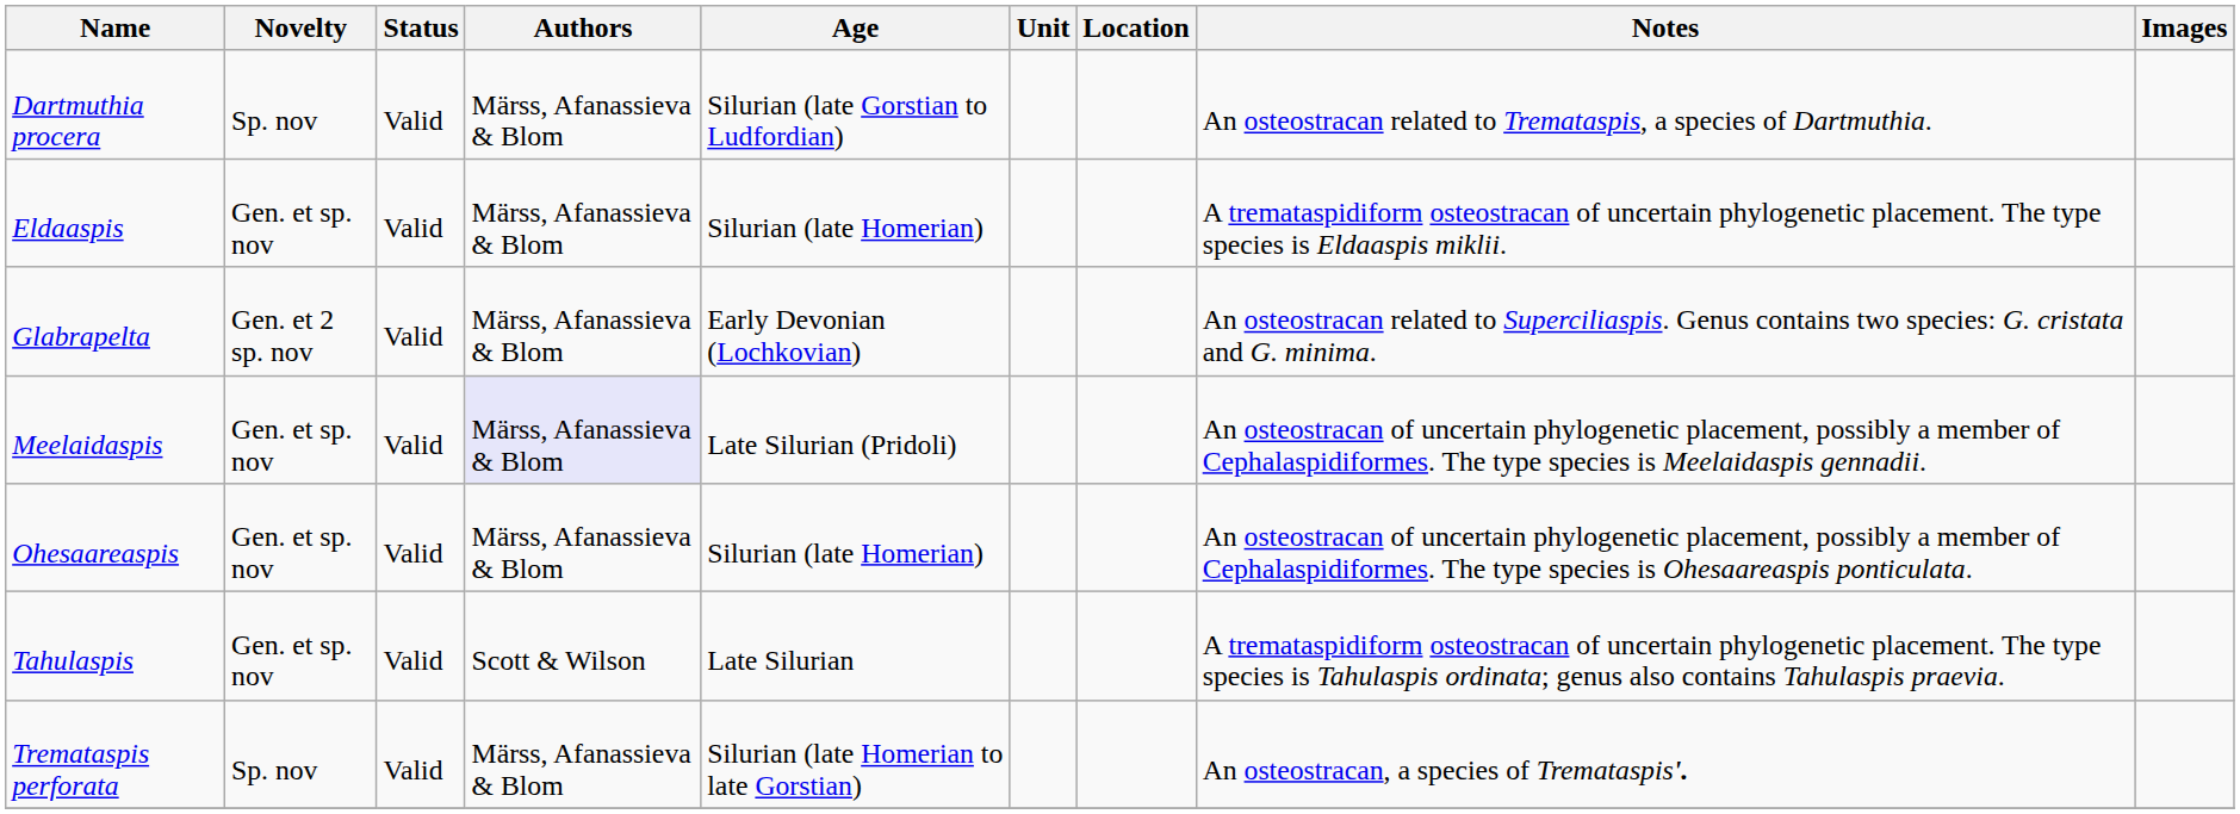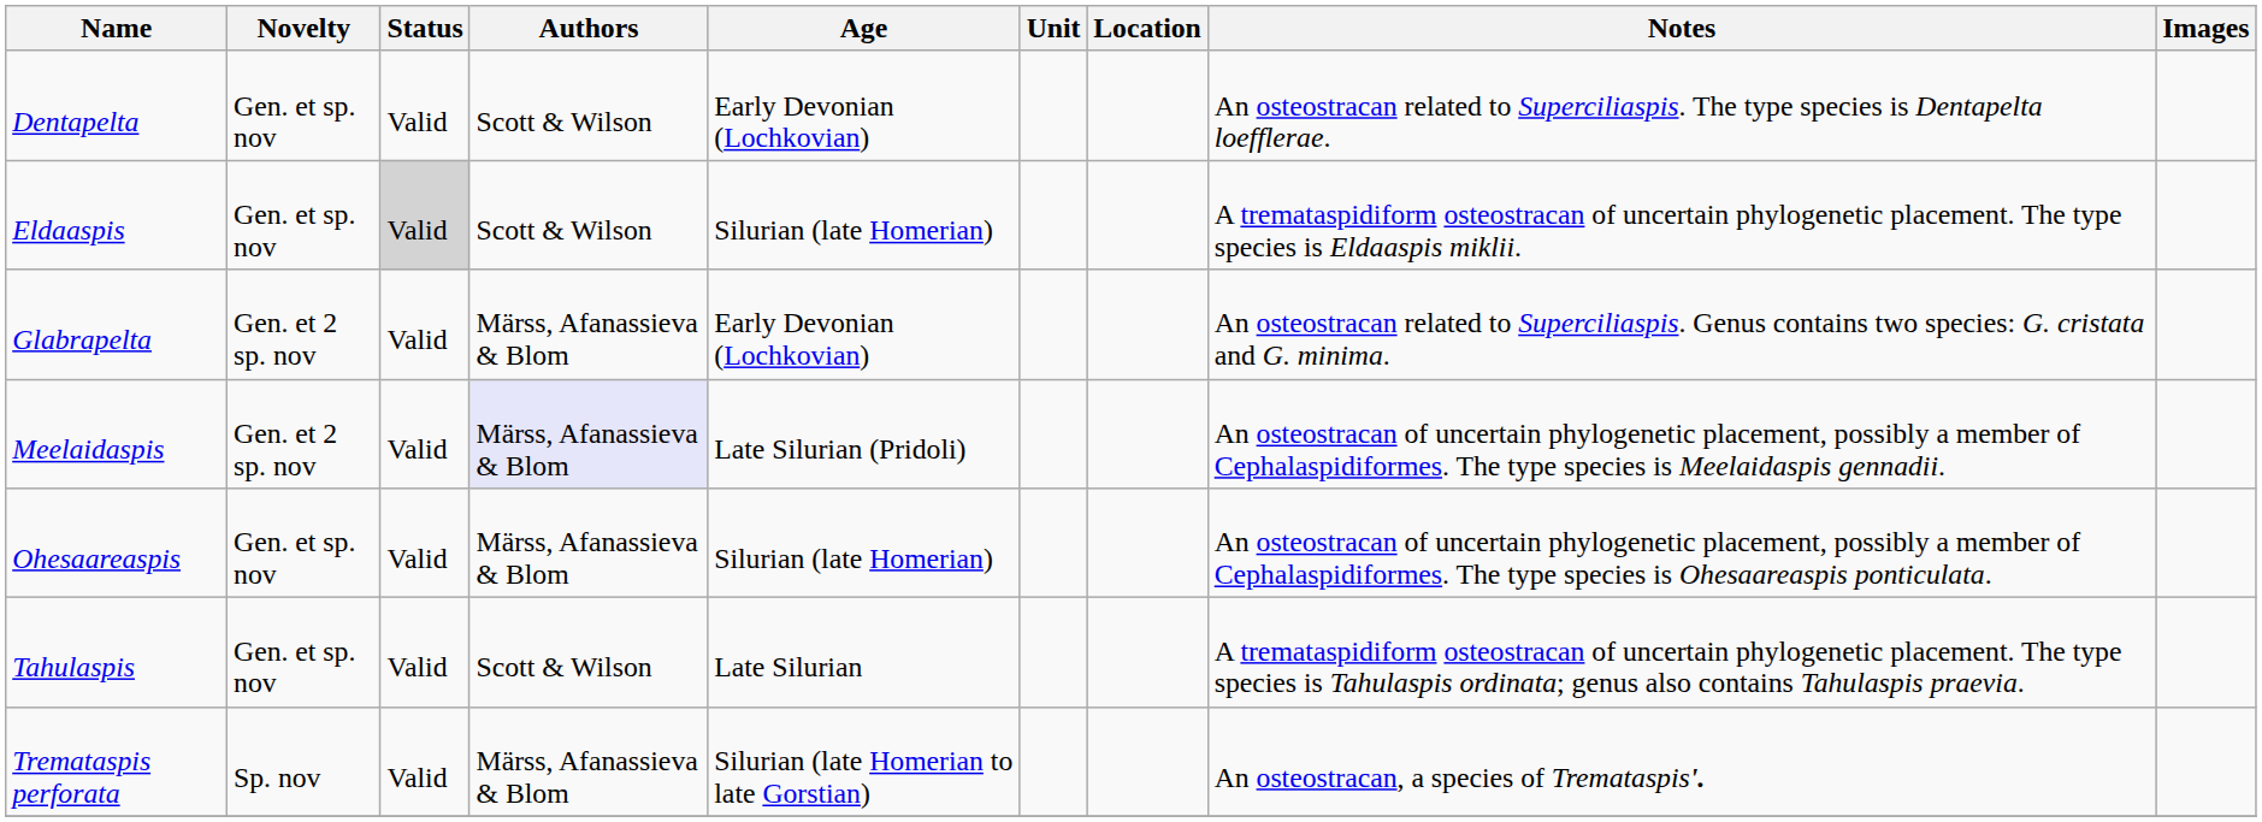 <table class="wikitable sortable" align="center" width="100%">
 <tr>
 <th>Name</th>
 <th>Novelty</th>
 <th>Status</th>
 <th>Authors</th>
 <th>Age</th>
 <th>Unit</th>
 <th>Location</th>
 <th>Notes</th>
 <th>Images</th>
 </tr>
 <tr>
-<td><br><em><a href='#'>Dartmuthia procera</a></em></td>
-<td><br>Sp. nov</td>
+<td><br><em><a href='#'>Dentapelta</a></em></td>
+<td><br>Gen. et sp. nov</td>
 <td><br>Valid</td>
-<td><br>Märss, Afanassieva & Blom</td>
-<td><br>Silurian (late <a href='#'>Gorstian</a> to <a href='#'>Ludfordian</a>)</td>
+<td><br>Scott & Wilson</td>
+<td><br>Early Devonian (<a href='#'>Lochkovian</a>)</td>
 <td></td>
-<td><br><br> </td>
-<td><br>An <a href='#'>osteostracan</a> related to <em><a href='#'>Tremataspis</a></em>, a species of <em>Dartmuthia</em>.</td>
+<td><br></td>
+<td><br>An <a href='#'>osteostracan</a> related to <em><a href='#'>Superciliaspis</a></em>. The type species is <em>Dentapelta loefflerae</em>.</td>
 <td></td>
 </tr>
 <tr>
 <td><br><em><a href='#'>Eldaaspis</a></em></td>
 <td><br>Gen. et sp. nov</td>
-<td><br>Valid</td>
-<td><br>Märss, Afanassieva & Blom</td>
+<td style="background: lightgrey;"><br>Valid</td>
+<td><br>Scott & Wilson</td>
 <td><br>Silurian (late <a href='#'>Homerian</a>)</td>
 <td></td>
 <td><br></td>
 <td><br>A <a href='#'>tremataspidiform</a> <a href='#'>osteostracan</a> of uncertain phylogenetic placement. The type species is <em>Eldaaspis miklii</em>.</td>
 <td></td>
 </tr>
 <tr>
 <td><br><em><a href='#'>Glabrapelta</a></em></td>
 <td><br>Gen. et 2 sp. nov</td>
 <td><br>Valid</td>
 <td><br>Märss, Afanassieva & Blom</td>
 <td><br>Early Devonian (<a href='#'>Lochkovian</a>)</td>
 <td></td>
 <td><br></td>
 <td><br>An <a href='#'>osteostracan</a> related to <em><a href='#'>Superciliaspis</a></em>. Genus contains two species: <em>G. cristata</em> and <em>G. minima</em>.</td>
 <td></td>
 </tr>
 <tr>
 <td><br><em><a href='#'>Meelaidaspis</a></em></td>
-<td><br>Gen. et sp. nov</td>
+<td><br>Gen. et 2 sp. nov</td>
 <td><br>Valid</td>
 <td style="background: lavender;"><br>Märss, Afanassieva & Blom</td>
 <td><br>Late Silurian (Pridoli)</td>
 <td></td>
 <td><br></td>
 <td><br>An <a href='#'>osteostracan</a> of uncertain phylogenetic placement, possibly a member of <a href='#'>Cephalaspidiformes</a>. The type species is <em>Meelaidaspis gennadii</em>.</td>
 <td></td>
 </tr>
 <tr>
 <td><br><em><a href='#'>Ohesaareaspis</a></em></td>
 <td><br>Gen. et sp. nov</td>
 <td><br>Valid</td>
 <td><br>Märss, Afanassieva & Blom</td>
 <td><br>Silurian (late <a href='#'>Homerian</a>)</td>
 <td></td>
 <td><br></td>
 <td><br>An <a href='#'>osteostracan</a> of uncertain phylogenetic placement, possibly a member of <a href='#'>Cephalaspidiformes</a>. The type species is <em>Ohesaareaspis ponticulata</em>.</td>
 <td></td>
 </tr>
 <tr>
 <td><br><em><a href='#'>Tahulaspis</a></em></td>
 <td><br>Gen. et sp. nov</td>
 <td><br>Valid</td>
 <td><br>Scott & Wilson</td>
 <td><br>Late Silurian</td>
 <td></td>
 <td><br><br> </td>
 <td><br>A <a href='#'>tremataspidiform</a> <a href='#'>osteostracan</a> of uncertain phylogenetic placement. The type species is <em>Tahulaspis ordinata</em>; genus also contains <em>Tahulaspis praevia</em>.</td>
 <td></td>
 </tr>
 <tr>
 <td><br><em><a href='#'>Tremataspis perforata</a></em></td>
 <td><br>Sp. nov</td>
 <td><br>Valid</td>
 <td><br>Märss, Afanassieva & Blom</td>
 <td><br>Silurian (late <a href='#'>Homerian</a> to late <a href='#'>Gorstian</a>)</td>
 <td></td>
 <td><br></td>
 <td><br>An <a href='#'>osteostracan</a>, a species of <em>Tremataspis<strong>'.</td>
 <td></td>
 </tr>
 <tr>
 </tr>
 </table>
